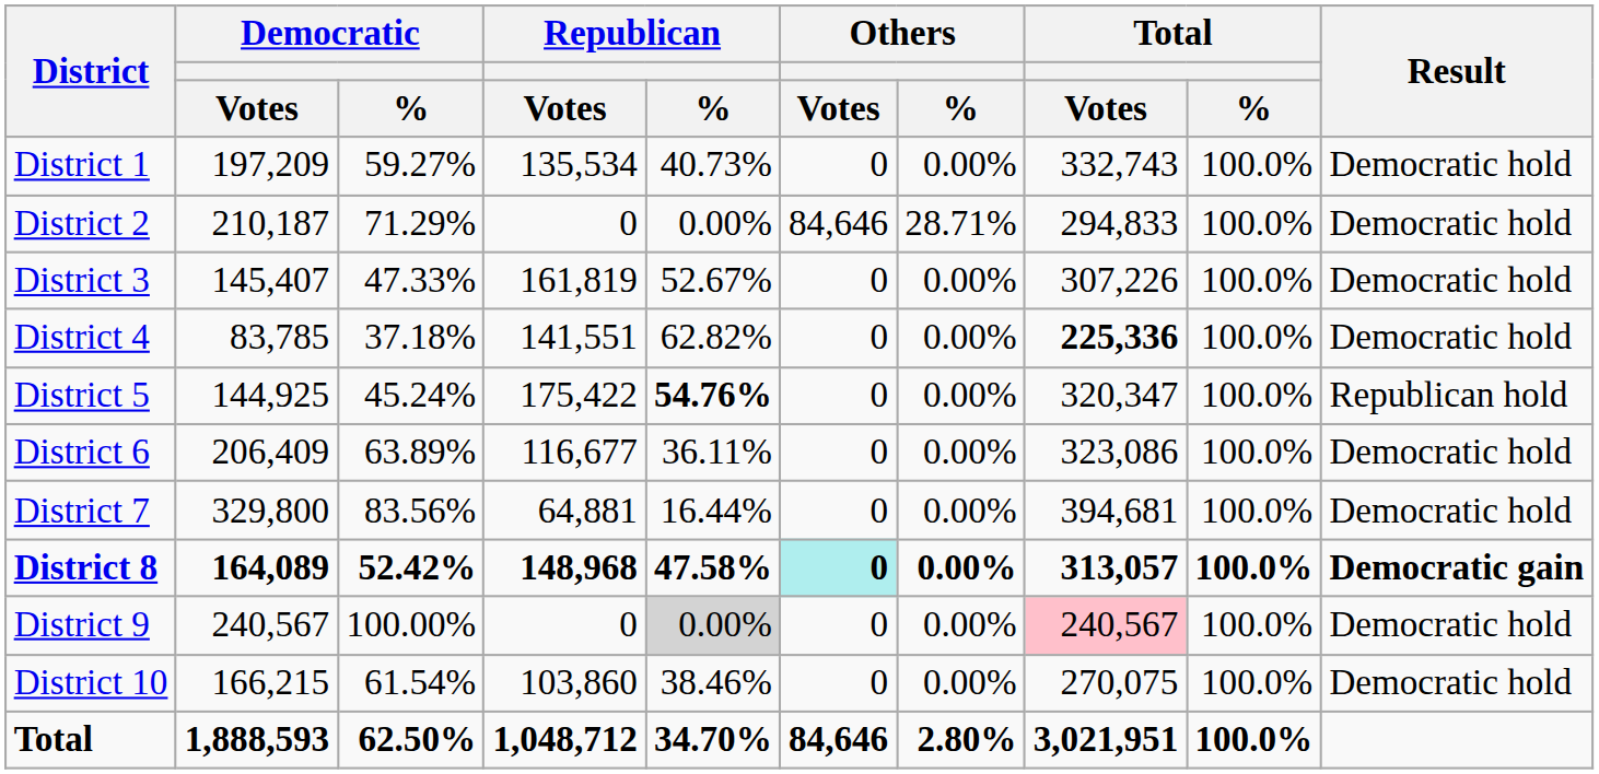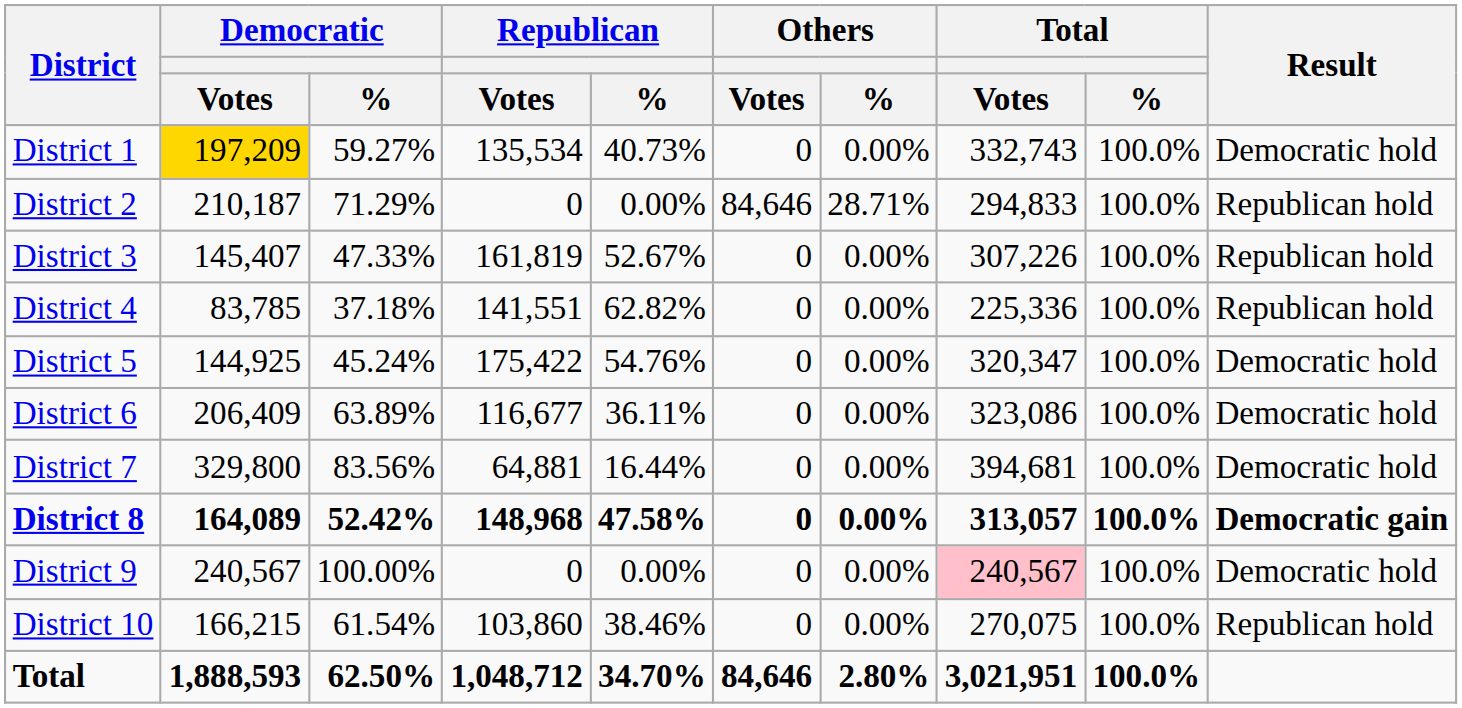 <table class="wikitable plainrowheaders sortable" style="font-size:100%; text-align:right;">
 <tr>
 <th scope=col rowspan=3><a href='#'>District</a></th>
 <th scope=col colspan=2><a href='#'>Democratic</a></th>
 <th scope=col colspan=2><a href='#'>Republican</a></th>
 <th scope=col colspan=2>Others</th>
 <th scope=col colspan=2>Total</th>
 <th scope=col rowspan=3>Result</th>
 </tr>
 <tr>
 <th scope=col colspan=2 style="background:"></th>
 <th scope=col colspan=2 style="background:"></th>
 <th scope=col colspan=2></th>
 <th scope=col colspan=2></th>
 </tr>
 <tr>
 <th scope=col data-sort-type="number">Votes</th>
 <th scope=col data-sort-type="number">%</th>
 <th scope=col data-sort-type="number">Votes</th>
 <th scope=col data-sort-type="number">%</th>
 <th scope=col data-sort-type="number">Votes</th>
 <th scope=col data-sort-type="number">%</th>
 <th scope=col data-sort-type="number">Votes</th>
 <th scope=col data-sort-type="number">%</th>
 </tr>
 <tr>
 <td align=left><a href='#'>District 1</a></td>
-<td>197,209</td>
+<td style="background: gold;">197,209</td>
 <td>59.27%</td>
 <td>135,534</td>
 <td>40.73%</td>
 <td>0</td>
 <td>0.00%</td>
 <td>332,743</td>
 <td>100.0%</td>
 <td align=left>Democratic hold</td>
 </tr>
 <tr>
 <td align=left><a href='#'>District 2</a></td>
 <td>210,187</td>
 <td>71.29%</td>
 <td>0</td>
 <td>0.00%</td>
 <td>84,646</td>
 <td>28.71%</td>
 <td>294,833</td>
 <td>100.0%</td>
-<td align=left>Democratic hold</td>
+<td align=left>Republican hold</td>
 </tr>
 <tr>
 <td align=left><a href='#'>District 3</a></td>
 <td>145,407</td>
 <td>47.33%</td>
 <td>161,819</td>
 <td>52.67%</td>
 <td>0</td>
 <td>0.00%</td>
 <td>307,226</td>
 <td>100.0%</td>
-<td align=left>Democratic hold</td>
+<td align=left>Republican hold</td>
 </tr>
 <tr>
 <td align=left><a href='#'>District 4</a></td>
 <td>83,785</td>
 <td>37.18%</td>
 <td>141,551</td>
 <td>62.82%</td>
 <td>0</td>
 <td>0.00%</td>
-<td><strong>225,336</strong></td>
+<td>225,336</td>
 <td>100.0%</td>
-<td align=left>Democratic hold</td>
+<td align=left>Republican hold</td>
 </tr>
 <tr>
 <td align=left><a href='#'>District 5</a></td>
 <td>144,925</td>
 <td>45.24%</td>
 <td>175,422</td>
-<td><strong>54.76%</strong></td>
+<td>54.76%</td>
 <td>0</td>
 <td>0.00%</td>
 <td>320,347</td>
 <td>100.0%</td>
-<td align=left>Republican hold</td>
+<td align=left>Democratic hold</td>
 </tr>
 <tr>
 <td align=left><a href='#'>District 6</a></td>
 <td>206,409</td>
 <td>63.89%</td>
 <td>116,677</td>
 <td>36.11%</td>
 <td>0</td>
 <td>0.00%</td>
 <td>323,086</td>
 <td>100.0%</td>
 <td align=left>Democratic hold</td>
 </tr>
 <tr>
 <td align=left><a href='#'>District 7</a></td>
 <td>329,800</td>
 <td>83.56%</td>
 <td>64,881</td>
 <td>16.44%</td>
 <td>0</td>
 <td>0.00%</td>
 <td>394,681</td>
 <td>100.0%</td>
 <td align=left>Democratic hold</td>
 </tr>
 <tr>
 <td align=left><strong><a href='#'>District 8</a></strong></td>
 <td><strong>164,089</strong></td>
 <td><strong>52.42%</strong></td>
 <td><strong>148,968</strong></td>
 <td><strong>47.58%</strong></td>
-<td style="background: paleturquoise;"><strong>0</strong></td>
+<td><strong>0</strong></td>
 <td><strong>0.00%</strong></td>
 <td><strong>313,057</strong></td>
 <td><strong>100.0%</strong></td>
 <td align=left><strong>Democratic gain</strong></td>
 </tr>
 <tr>
 <td align=left><a href='#'>District 9</a></td>
 <td>240,567</td>
 <td>100.00%</td>
 <td>0</td>
-<td style="background: lightgrey;">0.00%</td>
+<td>0.00%</td>
 <td>0</td>
 <td>0.00%</td>
 <td style="background: pink;">240,567</td>
 <td>100.0%</td>
 <td align=left>Democratic hold</td>
 </tr>
 <tr>
 <td align=left><a href='#'>District 10</a></td>
 <td>166,215</td>
 <td>61.54%</td>
 <td>103,860</td>
 <td>38.46%</td>
 <td>0</td>
 <td>0.00%</td>
 <td>270,075</td>
 <td>100.0%</td>
-<td align=left>Democratic hold</td>
+<td align=left>Republican hold</td>
 </tr>
 <tr class="sortbottom" style="font-weight:bold">
 <td align=left>Total</td>
 <td>1,888,593</td>
 <td>62.50%</td>
 <td>1,048,712</td>
 <td>34.70%</td>
 <td>84,646</td>
 <td>2.80%</td>
 <td>3,021,951</td>
 <td>100.0%</td>
 <td></td>
 </tr>
 </table>
